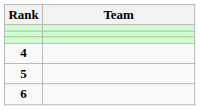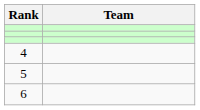 <table class="wikitable" style="text-align: center;">
 <tr>
 <th width=40>Rank</th>
 <th width=180>Team</th>
 </tr>
 <tr bgcolor=#ccffcc align=center>
 <td></td>
 <td style="text-align:left;"></td>
 </tr>
 <tr bgcolor=#ccffcc align=center>
 <td></td>
 <td style="text-align:left;"></td>
 </tr>
 <tr bgcolor=#ccffcc align=center>
 <td></td>
 <td style="text-align:left;"></td>
 </tr>
 <tr>
-<td><strong>4</strong></td>
+<td>4</td>
 <td style="text-align:left;"></td>
 </tr>
 <tr align=center>
-<td><strong>5</strong></td>
+<td>5</td>
 <td style="text-align:left;"></td>
 </tr>
 <tr align=center>
-<td><strong>6</strong></td>
+<td>6</td>
 <td style="text-align:left;"></td>
 </tr>
 </table>
